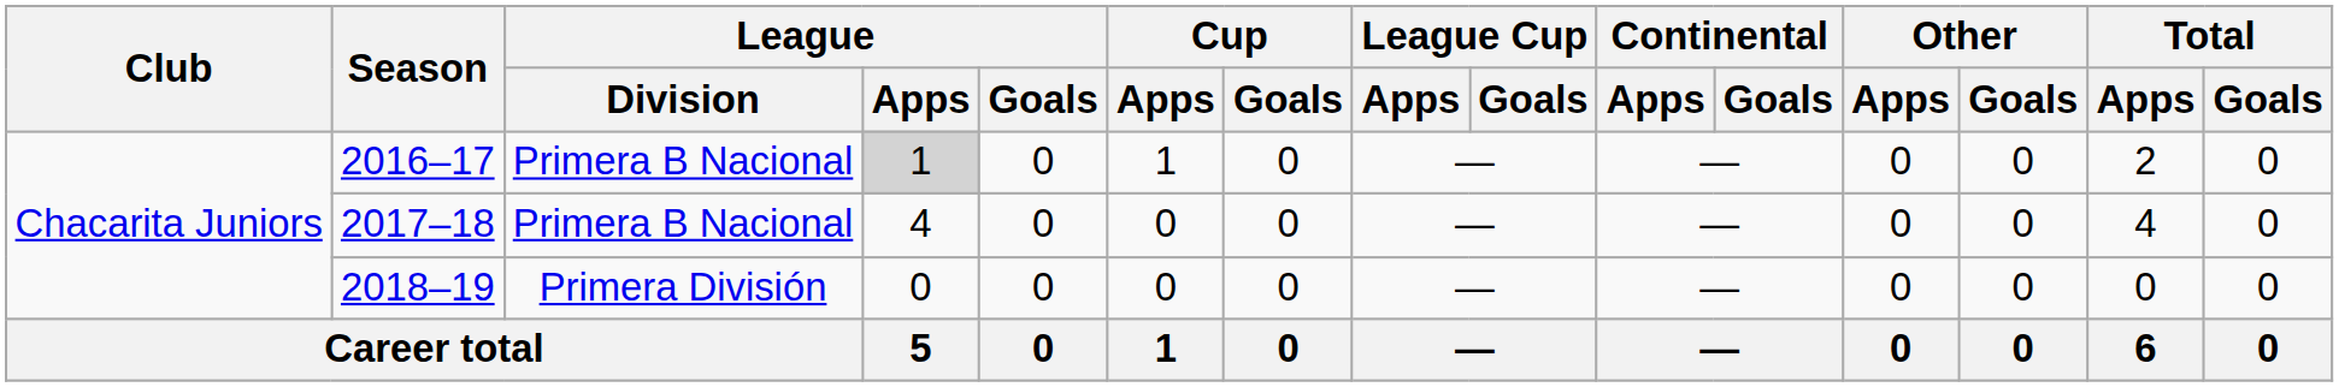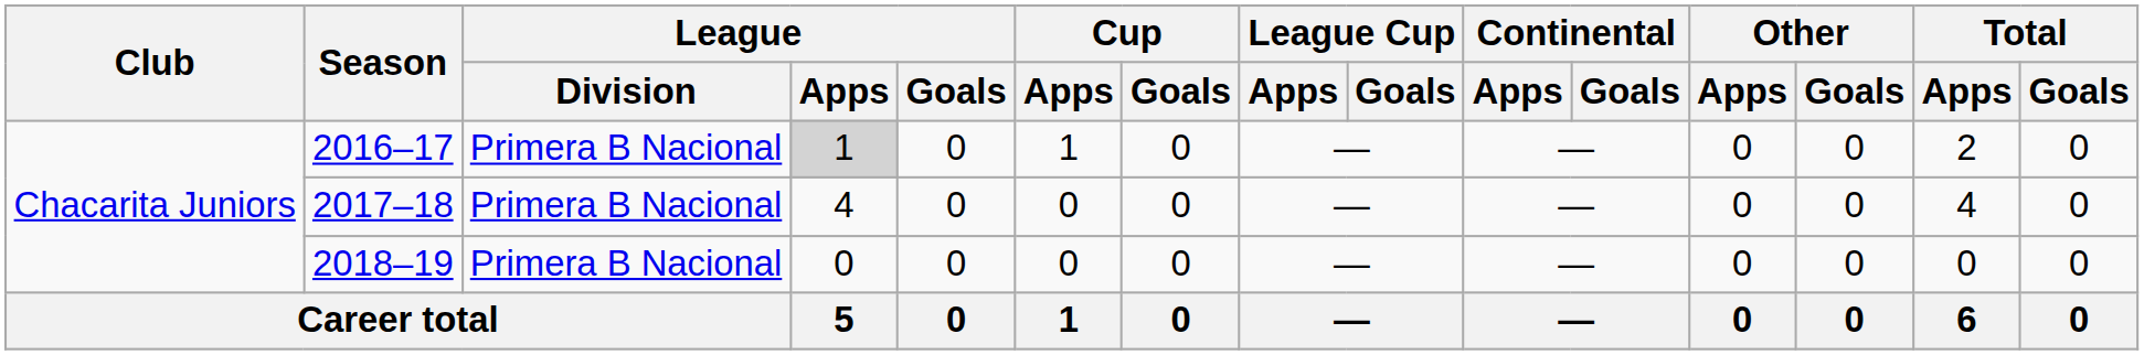 <table class="wikitable" style="text-align:center">
 <tr>
 <th rowspan="2">Club</th>
 <th rowspan="2">Season</th>
 <th colspan="3">League</th>
 <th colspan="2">Cup</th>
 <th colspan="2">League Cup</th>
 <th colspan="2">Continental</th>
 <th colspan="2">Other</th>
 <th colspan="2">Total</th>
 </tr>
 <tr>
 <th>Division</th>
 <th>Apps</th>
 <th>Goals</th>
 <th>Apps</th>
 <th>Goals</th>
 <th>Apps</th>
 <th>Goals</th>
 <th>Apps</th>
 <th>Goals</th>
 <th>Apps</th>
 <th>Goals</th>
 <th>Apps</th>
 <th>Goals</th>
 </tr>
 <tr>
 <td rowspan="3"><a href='#'>Chacarita Juniors</a></td>
 <td><a href='#'>2016–17</a></td>
 <td rowspan="1"><a href='#'>Primera B Nacional</a></td>
 <td style="background: lightgrey;">1</td>
 <td>0</td>
 <td>1</td>
 <td>0</td>
 <td colspan="2">—</td>
 <td colspan="2">—</td>
 <td>0</td>
 <td>0</td>
 <td>2</td>
 <td>0</td>
 </tr>
 <tr>
 <td><a href='#'>2017–18</a></td>
 <td rowspan="1"><a href='#'>Primera B Nacional</a></td>
 <td>4</td>
 <td>0</td>
 <td>0</td>
 <td>0</td>
 <td colspan="2">—</td>
 <td colspan="2">—</td>
 <td>0</td>
 <td>0</td>
 <td>4</td>
 <td>0</td>
 </tr>
 <tr>
 <td><a href='#'>2018–19</a></td>
-<td rowspan="1"><a href='#'>Primera División</a></td>
+<td rowspan="1"><a href='#'>Primera B Nacional</a></td>
 <td>0</td>
 <td>0</td>
 <td>0</td>
 <td>0</td>
 <td colspan="2">—</td>
 <td colspan="2">—</td>
 <td>0</td>
 <td>0</td>
 <td>0</td>
 <td>0</td>
 </tr>
 <tr>
 <th colspan="3">Career total</th>
 <th>5</th>
 <th>0</th>
 <th>1</th>
 <th>0</th>
 <th colspan="2">—</th>
 <th colspan="2">—</th>
 <th>0</th>
 <th>0</th>
 <th>6</th>
 <th>0</th>
 </tr>
 </table>
